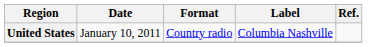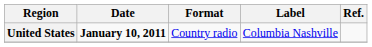 <table class="wikitable plainrowheaders">
 <tr>
 <th scope="col">Region</th>
 <th scope="col">Date</th>
 <th scope="col">Format</th>
 <th scope="col">Label</th>
 <th scope="col">Ref.</th>
 </tr>
 <tr>
 <th scope="row">United States</th>
-<td>January 10, 2011</td>
+<td><strong>January 10, 2011</strong></td>
 <td><a href='#'>Country radio</a></td>
 <td><a href='#'>Columbia Nashville</a></td>
 <td></td>
 </tr>
 <tr>
 </tr>
 </table>
